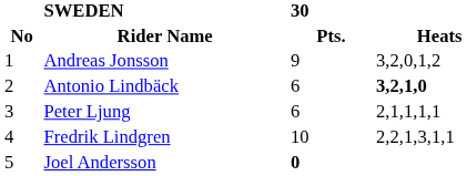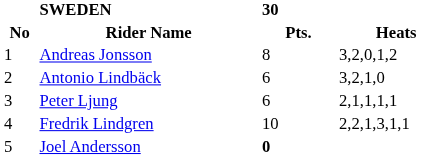 <table class="toccolours">
 <tr>
 <td></td>
 <td><strong>SWEDEN</strong></td>
 <td><strong>30</strong></td>
 </tr>
 <tr style="background-color:">
 <th width=30px>No</th>
 <th width=210px>Rider Name</th>
 <th width=70px>Pts.</th>
 <th width=110px>Heats</th>
 </tr>
 <tr style="background-color:">
 <td>1</td>
 <td><a href='#'>Andreas Jonsson</a></td>
-<td>9</td>
+<td>8</td>
 <td>3,2,0,1,2</td>
 </tr>
 <tr style="background-color:">
 <td>2</td>
 <td><a href='#'>Antonio Lindbäck</a></td>
 <td>6</td>
-<td><strong>3,2,1,0</strong></td>
+<td>3,2,1,0</td>
 </tr>
 <tr style="background-color:">
 <td>3</td>
 <td><a href='#'>Peter Ljung</a></td>
 <td>6</td>
 <td>2,1,1,1,1</td>
 </tr>
 <tr style="background-color:">
 <td>4</td>
 <td><a href='#'>Fredrik Lindgren</a></td>
 <td>10</td>
 <td>2,2,1,3,1,1</td>
 <td></td>
 </tr>
 <tr style="background-color:">
 <td>5</td>
 <td><a href='#'>Joel Andersson</a></td>
 <td><strong>0</strong></td>
 <td></td>
 </tr>
 </table>
